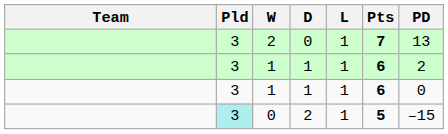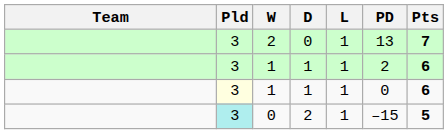 <table class="wikitable" style="text-align:center;">
 <tr>
 <th width=175>Team</th>
 <th width=25 abbr="Played">Pld</th>
 <th width=25 abbr="Won">W</th>
 <th width=25 abbr="Drawn">D</th>
 <th width=25 abbr="Lost">L</th>
+<th width=32 abbr="Points difference">PD</th>
 <th width=25 abbr="Points">Pts</th>
-<th width=32 abbr="Points difference">PD</th>
 </tr>
 <tr style="background:#cfc;">
 <td align=left></td>
 <td>3</td>
 <td>2</td>
 <td>0</td>
 <td>1</td>
+<td>13</td>
 <td><strong>7</strong></td>
-<td>13</td>
 </tr>
 <tr style="background:#cfc;">
 <td align=left></td>
 <td>3</td>
 <td>1</td>
 <td>1</td>
 <td>1</td>
+<td>2</td>
 <td><strong>6</strong></td>
-<td>2</td>
 </tr>
 <tr>
 <td align=left></td>
-<td>3</td>
+<td style="background: lightyellow;">3</td>
 <td>1</td>
 <td>1</td>
 <td>1</td>
+<td>0</td>
 <td><strong>6</strong></td>
-<td>0</td>
 </tr>
 <tr>
 <td align=left></td>
 <td style="background: paleturquoise;">3</td>
 <td>0</td>
 <td>2</td>
 <td>1</td>
+<td>–15</td>
 <td><strong>5</strong></td>
-<td>–15</td>
 </tr>
 </table>
